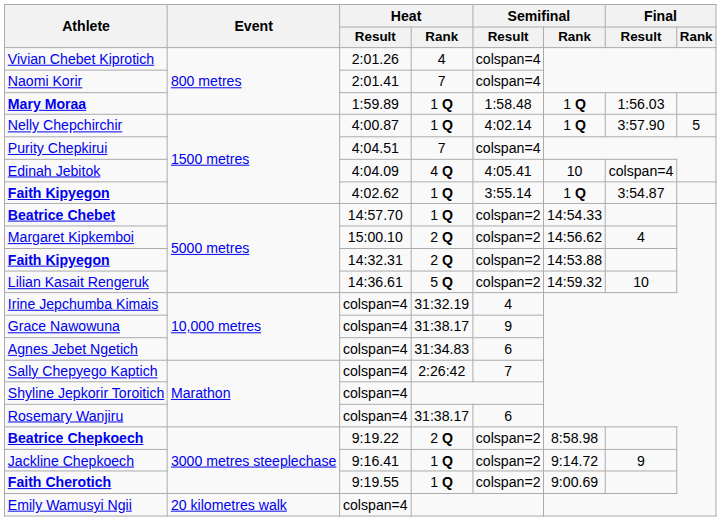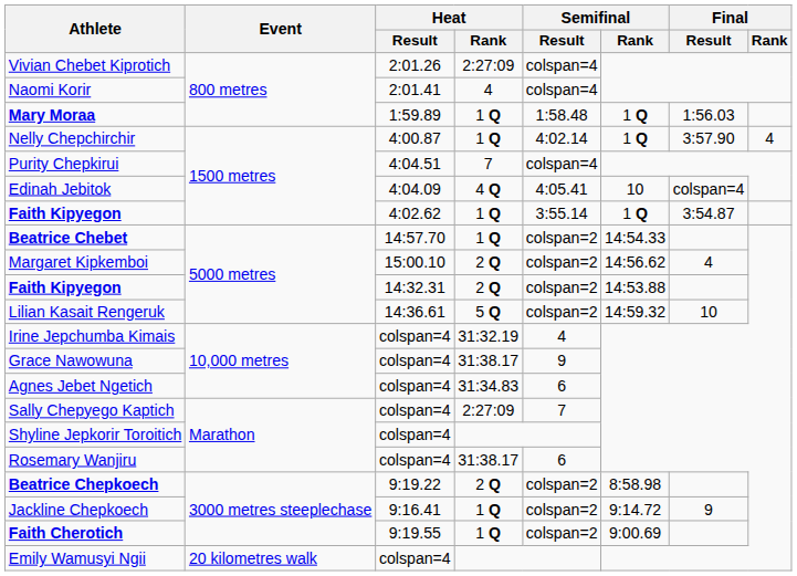 <table class="wikitable" style="font-size:90%">
 <tr>
 <th rowspan="2">Athlete</th>
 <th rowspan="2">Event</th>
 <th colspan="2">Heat</th>
 <th colspan="2">Semifinal</th>
 <th colspan="2">Final</th>
 </tr>
 <tr style="font-size:95%">
 <th>Result</th>
 <th>Rank</th>
 <th>Result</th>
 <th>Rank</th>
 <th>Result</th>
 <th>Rank</th>
 </tr>
 <tr style=text-align:center>
 <td style=text-align:left><a href='#'>Vivian Chebet Kiprotich</a></td>
 <td style=text-align:left rowspan=3><a href='#'>800 metres</a></td>
 <td>2:01.26</td>
-<td>4</td>
+<td>2:27:09</td>
 <td>colspan=4 </td>
 </tr>
 <tr style=text-align:center>
 <td style=text-align:left><a href='#'>Naomi Korir</a></td>
 <td>2:01.41</td>
-<td>7</td>
+<td>4</td>
 <td>colspan=4 </td>
 </tr>
 <tr style=text-align:center>
 <td style=text-align:left><strong><a href='#'>Mary Moraa</a></strong></td>
 <td>1:59.89</td>
 <td>1 <strong>Q</strong></td>
 <td>1:58.48</td>
 <td>1 <strong>Q</strong></td>
 <td>1:56.03 </td>
 <td></td>
 </tr>
 <tr style=text-align:center>
 <td style=text-align:left><a href='#'>Nelly Chepchirchir</a></td>
 <td style=text-align:left rowspan=4><a href='#'>1500 metres</a></td>
 <td>4:00.87</td>
 <td>1 <strong>Q</strong></td>
 <td>4:02.14</td>
 <td>1 <strong>Q</strong></td>
 <td>3:57.90 </td>
-<td>5</td>
+<td>4</td>
 </tr>
 <tr style=text-align:center>
 <td style=text-align:left><a href='#'>Purity Chepkirui</a></td>
 <td>4:04.51 </td>
 <td>7</td>
 <td>colspan=4 </td>
 </tr>
 <tr style=text-align:center>
 <td style=text-align:left><a href='#'>Edinah Jebitok</a></td>
 <td>4:04.09</td>
 <td>4 <strong>Q</strong></td>
 <td>4:05.41</td>
 <td>10</td>
 <td>colspan=4 </td>
 </tr>
 <tr style=text-align:center>
 <td style=text-align:left><strong><a href='#'>Faith Kipyegon</a></strong></td>
 <td>4:02.62</td>
 <td>1 <strong>Q</strong></td>
 <td>3:55.14</td>
 <td>1 <strong>Q</strong></td>
 <td>3:54.87</td>
 <td></td>
 </tr>
 <tr style=text-align:center>
 <td style=text-align:left><strong><a href='#'>Beatrice Chebet</a></strong></td>
 <td style=text-align:left rowspan=4><a href='#'>5000 metres</a></td>
 <td>14:57.70</td>
 <td>1 <strong>Q</strong></td>
 <td>colspan=2</td>
 <td>14:54.33</td>
 <td></td>
 </tr>
 <tr style=text-align:center>
 <td style=text-align:left><a href='#'>Margaret Kipkemboi</a></td>
 <td>15:00.10</td>
 <td>2 <strong>Q</strong></td>
 <td>colspan=2</td>
 <td>14:56.62</td>
 <td>4</td>
 </tr>
 <tr style=text-align:center>
 <td style=text-align:left><strong><a href='#'>Faith Kipyegon</a></strong></td>
 <td>14:32.31</td>
 <td>2 <strong>Q</strong></td>
 <td>colspan=2</td>
 <td>14:53.88</td>
 <td></td>
 </tr>
 <tr style=text-align:center>
 <td style=text-align:left><a href='#'>Lilian Kasait Rengeruk</a></td>
 <td>14:36.61</td>
 <td>5 <strong>Q</strong></td>
 <td>colspan=2</td>
 <td>14:59.32</td>
 <td>10</td>
 </tr>
 <tr style=text-align:center>
 <td style=text-align:left><a href='#'>Irine Jepchumba Kimais</a></td>
 <td style=text-align:left rowspan=3><a href='#'>10,000 metres</a></td>
 <td>colspan=4</td>
 <td>31:32.19 </td>
 <td>4</td>
 </tr>
 <tr style=text-align:center>
 <td style=text-align:left><a href='#'>Grace Nawowuna</a></td>
 <td>colspan=4</td>
 <td>31:38.17</td>
 <td>9</td>
 </tr>
 <tr style=text-align:center>
 <td style=text-align:left><a href='#'>Agnes Jebet Ngetich</a></td>
 <td>colspan=4</td>
 <td>31:34.83  </td>
 <td>6</td>
 </tr>
 <tr style=text-align:center>
 <td style=text-align:left><a href='#'>Sally Chepyego Kaptich</a></td>
 <td style=text-align:left rowspan=3><a href='#'>Marathon</a></td>
 <td>colspan=4</td>
-<td>2:26:42</td>
+<td>2:27:09</td>
 <td>7</td>
 </tr>
 <tr style=text-align:center>
 <td style=text-align:left><a href='#'>Shyline Jepkorir Toroitich</a></td>
 <td>colspan=4</td>
 <td colspan=2></td>
 </tr>
 <tr style=text-align:center>
 <td style=text-align:left><a href='#'>Rosemary Wanjiru</a></td>
 <td>colspan=4</td>
 <td>31:38.17</td>
 <td>6</td>
 </tr>
 <tr style=text-align:center>
 <td style=text-align:left><strong><a href='#'>Beatrice Chepkoech</a></strong></td>
 <td style=text-align:left rowspan=3><a href='#'>3000 metres steeplechase</a></td>
 <td>9:19.22</td>
 <td>2 <strong>Q</strong></td>
 <td>colspan=2</td>
 <td>8:58.98 </td>
 <td></td>
 </tr>
 <tr style=text-align:center>
 <td style=text-align:left><a href='#'>Jackline Chepkoech</a></td>
 <td>9:16.41</td>
 <td>1 <strong>Q</strong></td>
 <td>colspan=2</td>
 <td>9:14.72</td>
 <td>9</td>
 </tr>
 <tr style=text-align:center>
 <td style=text-align:left><strong><a href='#'>Faith Cherotich</a></strong></td>
 <td>9:19.55</td>
 <td>1 <strong>Q</strong></td>
 <td>colspan=2</td>
 <td>9:00.69 </td>
 <td></td>
 </tr>
 <tr align=center>
 <td align=left><a href='#'>Emily Wamusyi Ngii</a></td>
 <td align=left><a href='#'>20 kilometres walk</a></td>
 <td>colspan=4</td>
 <td colspan=2></td>
 </tr>
 </table>
